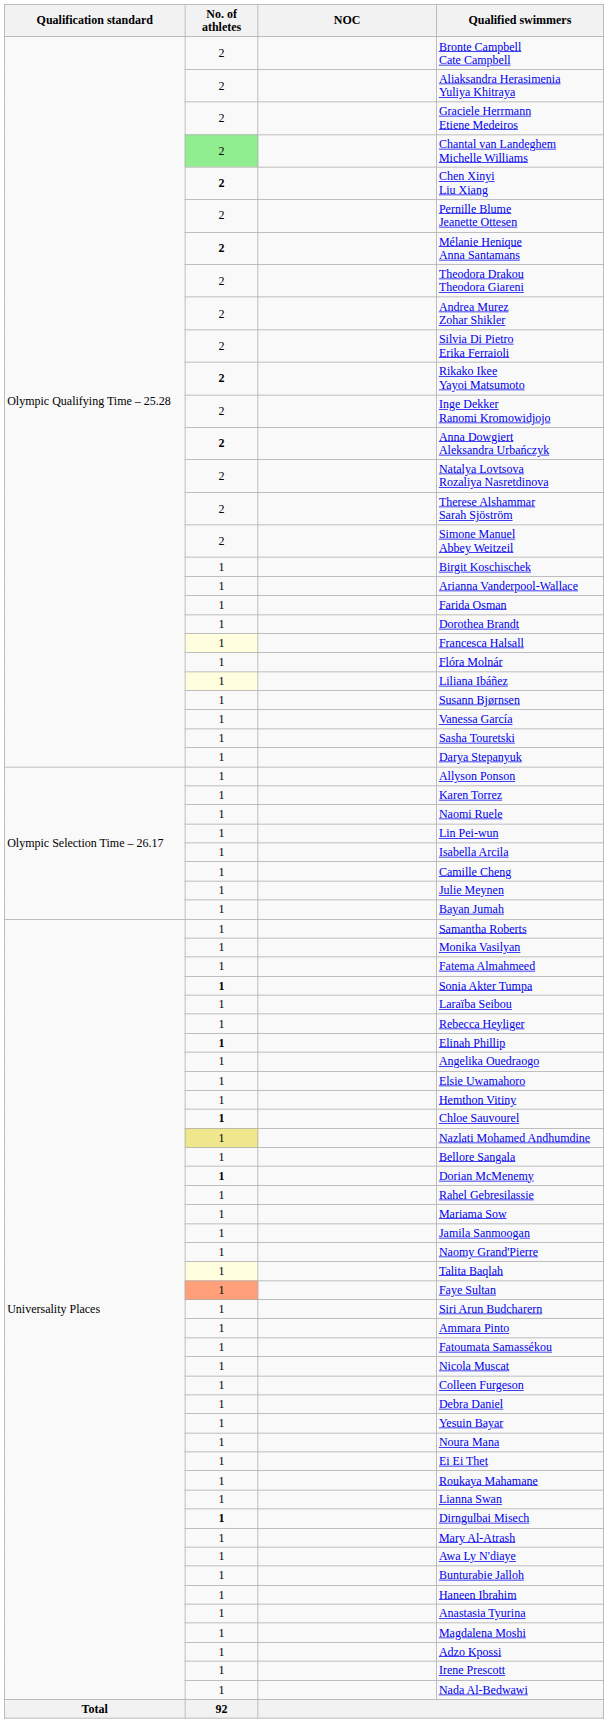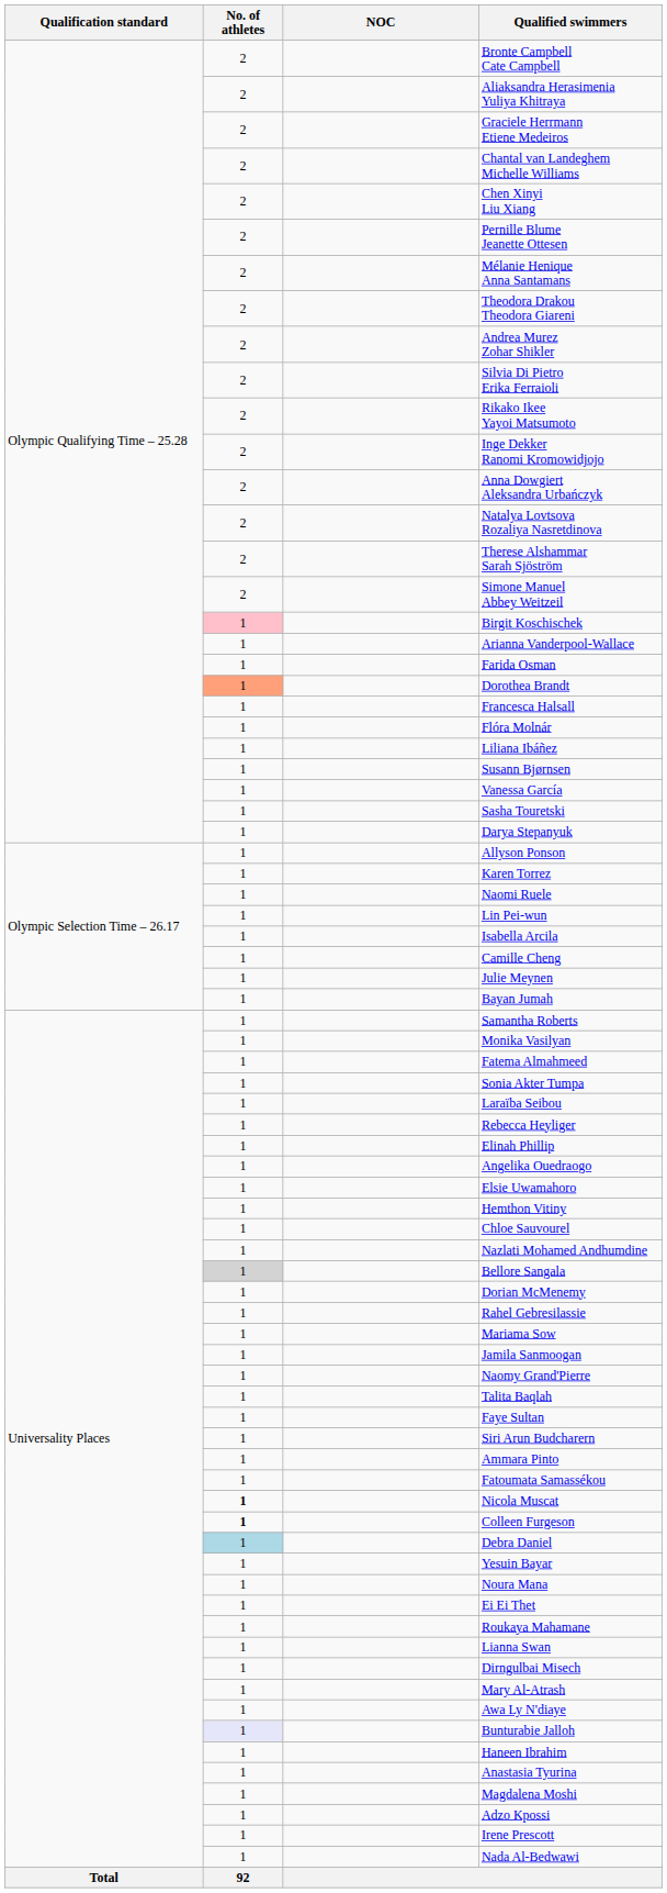 <table class=wikitable style="text-align:left" width=800>
 <tr>
 <th>Qualification standard</th>
 <th width=90>No. of athletes</th>
 <th width=230>NOC</th>
 <th>Qualified swimmers</th>
 </tr>
 <tr>
 <td rowspan=27>Olympic Qualifying Time – 25.28</td>
 <td align=center>2</td>
 <td></td>
 <td><a href='#'>Bronte Campbell</a><br><a href='#'>Cate Campbell</a></td>
 </tr>
 <tr>
 <td align=center>2</td>
 <td></td>
 <td><a href='#'>Aliaksandra Herasimenia</a><br><a href='#'>Yuliya Khitraya</a></td>
 </tr>
 <tr>
 <td align=center>2</td>
 <td></td>
 <td><a href='#'>Graciele Herrmann</a><br><a href='#'>Etiene Medeiros</a></td>
 </tr>
 <tr>
-<td align=center style="background: lightgreen;">2</td>
+<td align=center>2</td>
 <td></td>
 <td><a href='#'>Chantal van Landeghem</a><br><a href='#'>Michelle Williams</a></td>
 </tr>
 <tr>
-<td align=center><strong>2</strong></td>
+<td align=center>2</td>
 <td></td>
 <td><a href='#'>Chen Xinyi</a><br><a href='#'>Liu Xiang</a></td>
 </tr>
 <tr>
 <td align=center>2</td>
 <td></td>
 <td><a href='#'>Pernille Blume</a><br><a href='#'>Jeanette Ottesen</a></td>
 </tr>
 <tr>
-<td align=center><strong>2</strong></td>
+<td align=center>2</td>
 <td></td>
 <td><a href='#'>Mélanie Henique</a><br><a href='#'>Anna Santamans</a></td>
 </tr>
 <tr>
 <td align=center>2</td>
 <td></td>
 <td><a href='#'>Theodora Drakou</a><br><a href='#'>Theodora Giareni</a></td>
 </tr>
 <tr>
 <td align=center>2</td>
 <td></td>
 <td><a href='#'>Andrea Murez</a><br><a href='#'>Zohar Shikler</a></td>
 </tr>
 <tr>
 <td align=center>2</td>
 <td></td>
 <td><a href='#'>Silvia Di Pietro</a><br><a href='#'>Erika Ferraioli</a></td>
 </tr>
 <tr>
-<td align=center><strong>2</strong></td>
+<td align=center>2</td>
 <td></td>
 <td><a href='#'>Rikako Ikee</a><br><a href='#'>Yayoi Matsumoto</a></td>
 </tr>
 <tr>
 <td align=center>2</td>
 <td></td>
 <td><a href='#'>Inge Dekker</a><br><a href='#'>Ranomi Kromowidjojo</a></td>
 </tr>
 <tr>
-<td align=center><strong>2</strong></td>
+<td align=center>2</td>
 <td></td>
 <td><a href='#'>Anna Dowgiert</a><br><a href='#'>Aleksandra Urbańczyk</a></td>
 </tr>
 <tr>
 <td align=center>2</td>
 <td></td>
 <td><a href='#'>Natalya Lovtsova</a><br><a href='#'>Rozaliya Nasretdinova</a></td>
 </tr>
 <tr>
 <td align=center>2</td>
 <td></td>
 <td><a href='#'>Therese Alshammar</a><br><a href='#'>Sarah Sjöström</a></td>
 </tr>
 <tr>
 <td align=center>2</td>
 <td></td>
 <td><a href='#'>Simone Manuel</a><br><a href='#'>Abbey Weitzeil</a></td>
 </tr>
 <tr>
-<td align=center>1</td>
+<td align=center style="background: pink;">1</td>
 <td></td>
 <td><a href='#'>Birgit Koschischek</a></td>
 </tr>
 <tr>
 <td align=center>1</td>
 <td></td>
 <td><a href='#'>Arianna Vanderpool-Wallace</a></td>
 </tr>
 <tr>
 <td align=center>1</td>
 <td></td>
 <td><a href='#'>Farida Osman</a></td>
 </tr>
 <tr>
-<td align=center>1</td>
+<td align=center style="background: lightsalmon;">1</td>
 <td></td>
 <td><a href='#'>Dorothea Brandt</a></td>
 </tr>
 <tr>
-<td align=center style="background: lightyellow;">1</td>
+<td align=center>1</td>
 <td></td>
 <td><a href='#'>Francesca Halsall</a></td>
 </tr>
 <tr>
 <td align=center>1</td>
 <td></td>
 <td><a href='#'>Flóra Molnár</a></td>
 </tr>
 <tr>
-<td align=center style="background: lightyellow;">1</td>
+<td align=center>1</td>
 <td></td>
 <td><a href='#'>Liliana Ibáñez</a></td>
 </tr>
 <tr>
 <td align=center>1</td>
 <td></td>
 <td><a href='#'>Susann Bjørnsen</a></td>
 </tr>
 <tr>
 <td align=center>1</td>
 <td></td>
 <td><a href='#'>Vanessa García</a></td>
 </tr>
 <tr>
 <td align=center>1</td>
 <td></td>
 <td><a href='#'>Sasha Touretski</a></td>
 </tr>
 <tr>
 <td align=center>1</td>
 <td></td>
 <td><a href='#'>Darya Stepanyuk</a></td>
 </tr>
 <tr>
 <td rowspan=8>Olympic Selection Time – 26.17</td>
 <td align=center>1</td>
 <td></td>
 <td><a href='#'>Allyson Ponson</a></td>
 </tr>
 <tr>
 <td align=center>1</td>
 <td></td>
 <td><a href='#'>Karen Torrez</a></td>
 </tr>
 <tr>
 <td align=center>1</td>
 <td></td>
 <td><a href='#'>Naomi Ruele</a></td>
 </tr>
 <tr>
 <td align=center>1</td>
 <td></td>
 <td><a href='#'>Lin Pei-wun</a></td>
 </tr>
 <tr>
 <td align=center>1</td>
 <td></td>
 <td><a href='#'>Isabella Arcila</a></td>
 </tr>
 <tr>
 <td align=center>1</td>
 <td></td>
 <td><a href='#'>Camille Cheng</a></td>
 </tr>
 <tr>
 <td align=center>1</td>
 <td></td>
 <td><a href='#'>Julie Meynen</a></td>
 </tr>
 <tr>
 <td align=center>1</td>
 <td></td>
 <td><a href='#'>Bayan Jumah</a></td>
 </tr>
 <tr>
 <td rowspan=41>Universality Places</td>
 <td align=center>1</td>
 <td></td>
 <td><a href='#'>Samantha Roberts</a></td>
 </tr>
 <tr>
 <td align=center>1</td>
 <td></td>
 <td><a href='#'>Monika Vasilyan</a></td>
 </tr>
 <tr>
 <td align=center>1</td>
 <td></td>
 <td><a href='#'>Fatema Almahmeed</a></td>
 </tr>
 <tr>
-<td align=center><strong>1</strong></td>
+<td align=center>1</td>
 <td></td>
 <td><a href='#'>Sonia Akter Tumpa</a></td>
 </tr>
 <tr>
 <td align=center>1</td>
 <td></td>
 <td><a href='#'>Laraïba Seibou</a></td>
 </tr>
 <tr>
 <td align=center>1</td>
 <td></td>
 <td><a href='#'>Rebecca Heyliger</a></td>
 </tr>
 <tr>
-<td align=center><strong>1</strong></td>
+<td align=center>1</td>
 <td></td>
 <td><a href='#'>Elinah Phillip</a></td>
 </tr>
 <tr>
 <td align=center>1</td>
 <td></td>
 <td><a href='#'>Angelika Ouedraogo</a></td>
 </tr>
 <tr>
 <td align=center>1</td>
 <td></td>
 <td><a href='#'>Elsie Uwamahoro</a></td>
 </tr>
 <tr>
 <td align=center>1</td>
 <td></td>
 <td><a href='#'>Hemthon Vitiny</a></td>
 </tr>
 <tr>
-<td align=center><strong>1</strong></td>
+<td align=center>1</td>
 <td></td>
 <td><a href='#'>Chloe Sauvourel</a></td>
 </tr>
 <tr>
-<td align=center style="background: khaki;">1</td>
+<td align=center>1</td>
 <td></td>
 <td><a href='#'>Nazlati Mohamed Andhumdine</a></td>
 </tr>
 <tr>
-<td align=center>1</td>
+<td align=center style="background: lightgrey;">1</td>
 <td></td>
 <td><a href='#'>Bellore Sangala</a></td>
 </tr>
 <tr>
-<td align=center><strong>1</strong></td>
+<td align=center>1</td>
 <td></td>
 <td><a href='#'>Dorian McMenemy</a></td>
 </tr>
 <tr>
 <td align=center>1</td>
 <td></td>
 <td><a href='#'>Rahel Gebresilassie</a></td>
 </tr>
 <tr>
 <td align=center>1</td>
 <td></td>
 <td><a href='#'>Mariama Sow</a></td>
 </tr>
 <tr>
 <td align=center>1</td>
 <td></td>
 <td><a href='#'>Jamila Sanmoogan</a></td>
 </tr>
 <tr>
 <td align=center>1</td>
 <td></td>
 <td><a href='#'>Naomy Grand'Pierre</a></td>
 </tr>
 <tr>
-<td align=center style="background: lightyellow;">1</td>
+<td align=center>1</td>
 <td></td>
 <td><a href='#'>Talita Baqlah</a></td>
 </tr>
 <tr>
-<td align=center style="background: lightsalmon;">1</td>
+<td align=center>1</td>
 <td></td>
 <td><a href='#'>Faye Sultan</a></td>
 </tr>
 <tr>
 <td align=center>1</td>
 <td></td>
 <td><a href='#'>Siri Arun Budcharern</a></td>
 </tr>
 <tr>
 <td align=center>1</td>
 <td></td>
 <td><a href='#'>Ammara Pinto</a></td>
 </tr>
 <tr>
 <td align=center>1</td>
 <td></td>
 <td><a href='#'>Fatoumata Samassékou</a></td>
 </tr>
 <tr>
-<td align=center>1</td>
+<td align=center><strong>1</strong></td>
 <td></td>
 <td><a href='#'>Nicola Muscat</a></td>
 </tr>
 <tr>
-<td align=center>1</td>
+<td align=center><strong>1</strong></td>
 <td></td>
 <td><a href='#'>Colleen Furgeson</a></td>
 </tr>
 <tr>
-<td align=center>1</td>
+<td align=center style="background: lightblue;">1</td>
 <td></td>
 <td><a href='#'>Debra Daniel</a></td>
 </tr>
 <tr>
 <td align=center>1</td>
 <td></td>
 <td><a href='#'>Yesuin Bayar</a></td>
 </tr>
 <tr>
 <td align=center>1</td>
 <td></td>
 <td><a href='#'>Noura Mana</a></td>
 </tr>
 <tr>
 <td align=center>1</td>
 <td></td>
 <td><a href='#'>Ei Ei Thet</a></td>
 </tr>
 <tr>
 <td align=center>1</td>
 <td></td>
 <td><a href='#'>Roukaya Mahamane</a></td>
 </tr>
 <tr>
 <td align=center>1</td>
 <td></td>
 <td><a href='#'>Lianna Swan</a></td>
 </tr>
 <tr>
-<td align=center><strong>1</strong></td>
+<td align=center>1</td>
 <td></td>
 <td><a href='#'>Dirngulbai Misech</a></td>
 </tr>
 <tr>
 <td align=center>1</td>
 <td></td>
 <td><a href='#'>Mary Al-Atrash</a></td>
 </tr>
 <tr>
 <td align=center>1</td>
 <td></td>
 <td><a href='#'>Awa Ly N'diaye</a></td>
 </tr>
 <tr>
-<td align=center>1</td>
+<td align=center style="background: lavender;">1</td>
 <td></td>
 <td><a href='#'>Bunturabie Jalloh</a></td>
 </tr>
 <tr>
 <td align=center>1</td>
 <td></td>
 <td><a href='#'>Haneen Ibrahim</a></td>
 </tr>
 <tr>
 <td align=center>1</td>
 <td></td>
 <td><a href='#'>Anastasia Tyurina</a></td>
 </tr>
 <tr>
 <td align=center>1</td>
 <td></td>
 <td><a href='#'>Magdalena Moshi</a></td>
 </tr>
 <tr>
 <td align=center>1</td>
 <td></td>
 <td><a href='#'>Adzo Kpossi</a></td>
 </tr>
 <tr>
 <td align=center>1</td>
 <td></td>
 <td><a href='#'>Irene Prescott</a></td>
 </tr>
 <tr>
 <td align=center>1</td>
 <td></td>
 <td><a href='#'>Nada Al-Bedwawi</a></td>
 </tr>
 <tr>
 <th><strong>Total</strong></th>
 <th>92</th>
 <th colspan=2></th>
 </tr>
 </table>
